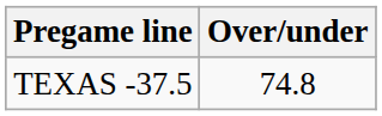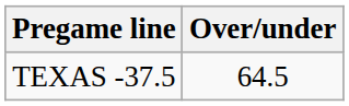 <table class="wikitable" style="margin-left: auto; margin-right: auto; border: none; display: inline-table;">
 <tr align="center">
 <th style=>Pregame line</th>
 <th style=>Over/under</th>
 </tr>
 <tr align="center">
 <td>TEXAS -37.5</td>
-<td>74.8</td>
+<td>64.5</td>
 </tr>
 </table>
